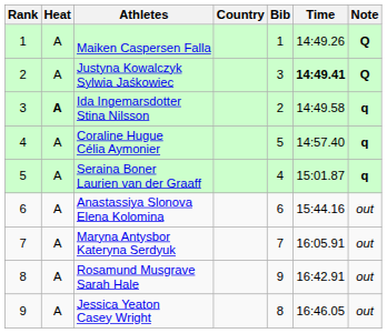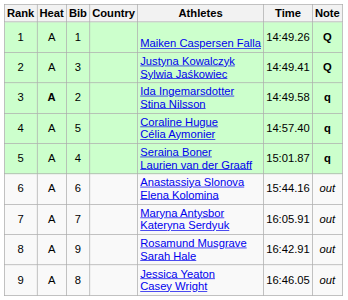 <table class="wikitable sortable" style="text-align:center">
 <tr>
 <th>Rank</th>
 <th>Heat</th>
+<th>Bib</th>
+<th>Country</th>
 <th>Athletes</th>
-<th>Country</th>
-<th>Bib</th>
 <th>Time</th>
 <th>Note</th>
 </tr>
 <tr bgcolor=ccffcc>
 <td>1</td>
 <td>A</td>
+<td>1</td>
+<td align=left></td>
 <td align=left><br><a href='#'>Maiken Caspersen Falla</a></td>
-<td align=left></td>
-<td>1</td>
 <td>14:49.26</td>
 <td><strong>Q</strong></td>
 </tr>
 <tr bgcolor=ccffcc>
 <td>2</td>
 <td>A</td>
+<td>3</td>
+<td align=left></td>
 <td align=left><a href='#'>Justyna Kowalczyk</a><br><a href='#'>Sylwia Jaśkowiec</a></td>
-<td align=left></td>
-<td>3</td>
-<td><strong>14:49.41</strong></td>
+<td>14:49.41</td>
 <td><strong>Q</strong></td>
 </tr>
 <tr bgcolor=ccffcc>
 <td>3</td>
 <td><strong>A</strong></td>
+<td>2</td>
+<td align=left></td>
 <td align=left><a href='#'>Ida Ingemarsdotter</a><br><a href='#'>Stina Nilsson</a></td>
-<td align=left></td>
-<td>2</td>
 <td>14:49.58</td>
 <td><strong>q</strong></td>
 </tr>
 <tr bgcolor=ccffcc>
 <td>4</td>
 <td>A</td>
+<td>5</td>
+<td align=left></td>
 <td align=left><a href='#'>Coraline Hugue</a><br><a href='#'>Célia Aymonier</a></td>
-<td align=left></td>
-<td>5</td>
 <td>14:57.40</td>
 <td><strong>q</strong></td>
 </tr>
 <tr bgcolor=ccffcc>
 <td>5</td>
 <td>A</td>
+<td>4</td>
+<td align=left></td>
 <td align=left><a href='#'>Seraina Boner</a><br><a href='#'>Laurien van der Graaff</a></td>
-<td align=left></td>
-<td>4</td>
 <td>15:01.87</td>
 <td><strong>q</strong></td>
 </tr>
 <tr>
 <td>6</td>
 <td>A</td>
+<td>6</td>
+<td align=left></td>
 <td align=left><a href='#'>Anastassiya Slonova</a><br><a href='#'>Elena Kolomina</a></td>
-<td align=left></td>
-<td>6</td>
 <td>15:44.16</td>
 <td><em>out</em></td>
 </tr>
 <tr>
 <td>7</td>
 <td>A</td>
+<td>7</td>
+<td align=left></td>
 <td align=left><a href='#'>Maryna Antysbor</a><br><a href='#'>Kateryna Serdyuk</a></td>
-<td align=left></td>
-<td>7</td>
 <td>16:05.91</td>
 <td><em>out</em></td>
 </tr>
 <tr>
 <td>8</td>
 <td>A</td>
+<td>9</td>
+<td align=left></td>
 <td align=left><a href='#'>Rosamund Musgrave</a><br><a href='#'>Sarah Hale</a></td>
-<td align=left></td>
-<td>9</td>
 <td>16:42.91</td>
 <td><em>out</em></td>
 </tr>
 <tr>
 <td>9</td>
 <td>A</td>
+<td>8</td>
+<td align=left></td>
 <td align=left><a href='#'>Jessica Yeaton</a><br><a href='#'>Casey Wright</a></td>
-<td align=left></td>
-<td>8</td>
 <td>16:46.05</td>
 <td><em>out</em></td>
 </tr>
 </table>
